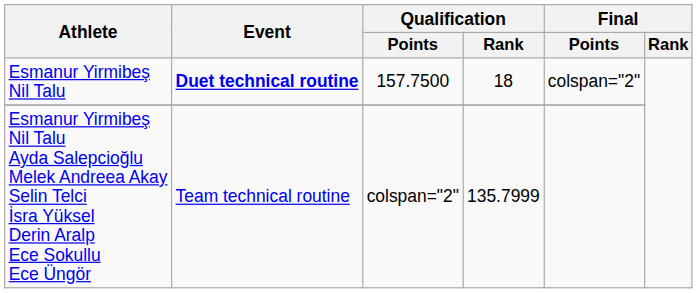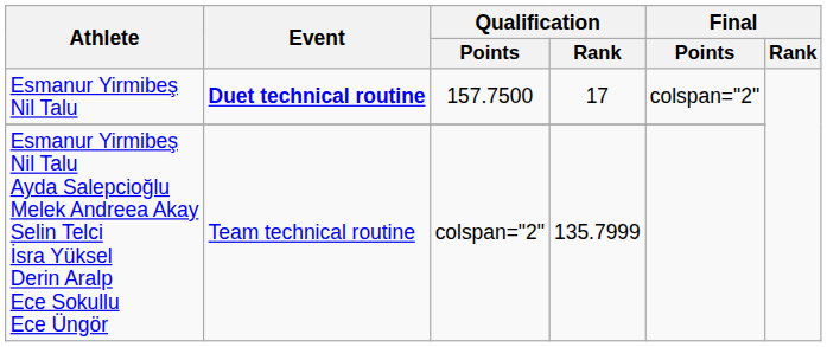 <table class="wikitable" style="font-size:90%">
 <tr>
 <th rowspan=2>Athlete</th>
 <th rowspan=2>Event</th>
 <th colspan=2>Qualification</th>
 <th colspan=2>Final</th>
 </tr>
 <tr style="font-size:95%">
 <th>Points</th>
 <th>Rank</th>
 <th>Points</th>
 <th>Rank</th>
 </tr>
 <tr align=center>
 <td align=left><a href='#'>Esmanur Yirmibeş</a><br><a href='#'>Nil Talu</a></td>
 <td align=left><strong><a href='#'>Duet technical routine</a></strong></td>
 <td>157.7500</td>
-<td>18</td>
+<td>17</td>
 <td>colspan="2" </td>
 </tr>
 <tr>
 </tr>
 <tr align=center>
 <td align=left><a href='#'>Esmanur Yirmibeş</a><br><a href='#'>Nil Talu</a><br><a href='#'>Ayda Salepcioğlu</a><br><a href='#'>Melek Andreea Akay</a><br><a href='#'>Selin Telci</a><br><a href='#'>İsra Yüksel</a><br><a href='#'>Derin Aralp</a><br><a href='#'>Ece Sokullu</a><br><a href='#'>Ece Üngör</a></td>
 <td align=left><a href='#'>Team technical routine</a></td>
 <td>colspan="2" </td>
 <td>135.7999</td>
 <td></td>
 </tr>
 </table>
